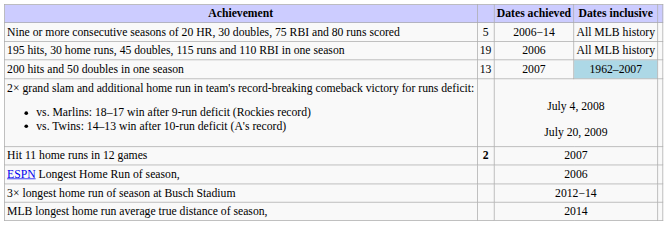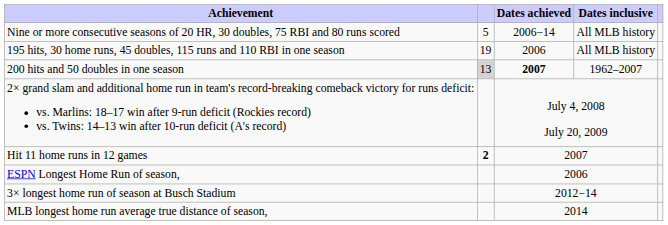 <table class="wikitable">
 <tr>
 <th style="background:#ccf;">Achievement</th>
 <th style="background:#ccf;"></th>
 <th style="background:#ccf;">Dates achieved</th>
 <th style="background:#ccf;">Dates inclusive</th>
 <th style="background:#ccf;"></th>
 </tr>
 <tr>
 <td>Nine or more consecutive seasons of 20 HR, 30 doubles, 75 RBI and 80 runs scored</td>
 <td style="text-align:center;">5</td>
 <td style="text-align:center;">2006−14</td>
 <td style="text-align:center;">All MLB history</td>
 <td></td>
 </tr>
 <tr>
 <td>195 hits, 30 home runs, 45 doubles, 115 runs and 110 RBI in one season</td>
 <td style="text-align:center;">19</td>
 <td style="text-align:center;">2006</td>
 <td style="text-align:center;">All MLB history</td>
 <td></td>
 </tr>
 <tr>
 <td>200 hits and 50 doubles in one season</td>
-<td style="text-align:center;">13</td>
-<td style="text-align:center;">2007</td>
-<td style="background: lightblue; text-align:center;">1962–2007</td>
+<td style="background: lightgrey; text-align:center;">13</td>
+<td style="text-align:center;"><strong>2007</strong></td>
+<td style="text-align:center;">1962–2007</td>
 <td></td>
 </tr>
 <tr>
 <td>2× grand slam and additional home run in team's record-breaking comeback victory for runs deficit:<br><ul><li>vs. Marlins: 18–17 win after 9-run deficit (Rockies record)</li><li>vs. Twins: 14–13 win after 10-run deficit (A's record)</li></ul></td>
 <td></td>
 <td colspan="2" style="text-align:center;"><br>July 4, 2008<br><br>July 20, 2009</td>
 <td><br><br><br></td>
 </tr>
 <tr>
 <td>Hit 11 home runs in 12 games</td>
 <td style="text-align:center;"><strong>2</strong></td>
 <td colspan="2" style="text-align:center;">2007</td>
 <td></td>
 </tr>
 <tr>
 <td><a href='#'>ESPN</a> Longest Home Run of season, </td>
 <td></td>
 <td colspan="2" style="text-align:center;">2006</td>
 <td></td>
 </tr>
 <tr>
 <td>3× longest home run of season at Busch Stadium</td>
 <td></td>
 <td colspan="2" style="text-align:center;">2012−14</td>
 <td></td>
 </tr>
 <tr>
 <td>MLB longest home run average true distance of season, </td>
 <td></td>
 <td colspan="2" style="text-align:center;">2014</td>
 <td></td>
 </tr>
 </table>
